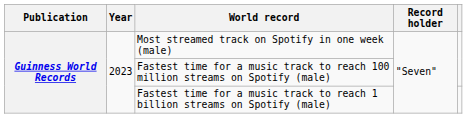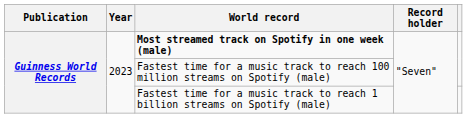 <table class="wikitable sortable plainrowheaders">
 <tr>
 <th scope="col">Publication</th>
 <th scope="col">Year</th>
 <th scope="col">World record</th>
 <th scope="col">Record holder</th>
 <th scope="col" class="unsortable"></th>
 </tr>
 <tr>
 <th scope="row" rowspan="3"><em><a href='#'>Guinness World Records</a></em></th>
 <td rowspan="3">2023</td>
-<td>Most streamed track on Spotify in one week (male)</td>
+<td><strong>Most streamed track on Spotify in one week (male)</strong></td>
 <td rowspan="3">"Seven" </td>
 <td style="text-align:center;" rowspan="2"></td>
 </tr>
 <tr>
 <td>Fastest time for a music track to reach 100 million streams on Spotify (male)</td>
 </tr>
 <tr>
 <td>Fastest time for a music track to reach 1 billion streams on Spotify  (male)</td>
 <td style="text-align:center;" rowspan="2"></td>
 </tr>
 </table>
